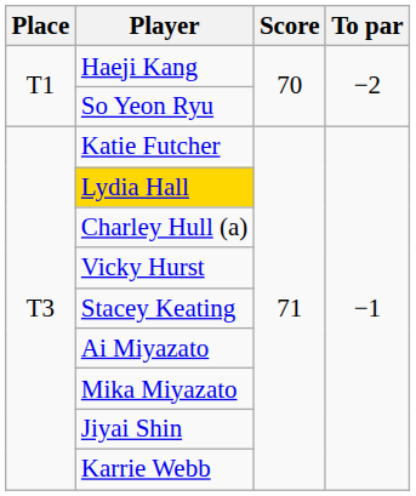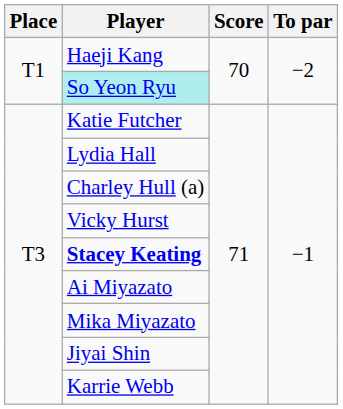 <table class="wikitable">
 <tr>
 <th>Place</th>
 <th>Player</th>
 <th>Score</th>
 <th>To par</th>
 </tr>
 <tr>
 <td rowspan=2 align=center>T1</td>
 <td> <a href='#'>Haeji Kang</a></td>
 <td rowspan=2 align=center>70</td>
 <td rowspan=2 align=center>−2</td>
 </tr>
 <tr>
-<td> <a href='#'>So Yeon Ryu</a></td>
+<td style="background: paleturquoise;"> <a href='#'>So Yeon Ryu</a></td>
 </tr>
 <tr>
 <td rowspan=9 align=center>T3</td>
 <td> <a href='#'>Katie Futcher</a></td>
 <td rowspan=9 align=center>71</td>
 <td rowspan=9 align=center>−1</td>
 </tr>
 <tr>
-<td style="background: gold;"> <a href='#'>Lydia Hall</a></td>
+<td> <a href='#'>Lydia Hall</a></td>
 </tr>
 <tr>
 <td> <a href='#'>Charley Hull</a> (a)</td>
 </tr>
 <tr>
 <td> <a href='#'>Vicky Hurst</a></td>
 </tr>
 <tr>
-<td> <a href='#'>Stacey Keating</a></td>
+<td><strong> <a href='#'>Stacey Keating</a></strong></td>
 </tr>
 <tr>
 <td> <a href='#'>Ai Miyazato</a></td>
 </tr>
 <tr>
 <td> <a href='#'>Mika Miyazato</a></td>
 </tr>
 <tr>
 <td> <a href='#'>Jiyai Shin</a></td>
 </tr>
 <tr>
 <td> <a href='#'>Karrie Webb</a></td>
 </tr>
 </table>
